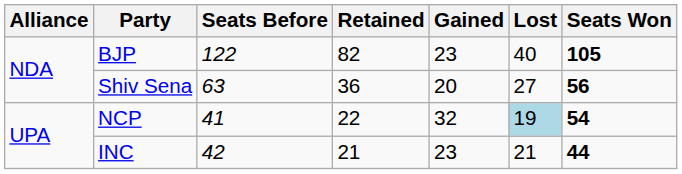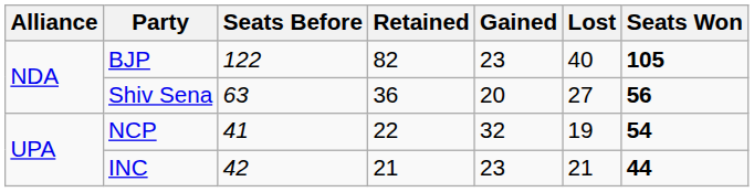 <table class="wikitable">
 <tr>
 <th>Alliance</th>
 <th>Party</th>
 <th>Seats Before</th>
 <th>Retained</th>
 <th>Gained</th>
 <th>Lost</th>
 <th>Seats Won</th>
 </tr>
 <tr>
 <td rowspan="2"><a href='#'>NDA</a></td>
 <td><a href='#'>BJP</a></td>
 <td><em>122</em></td>
 <td>82</td>
 <td> 23</td>
 <td> 40</td>
 <td><strong>105</strong></td>
 </tr>
 <tr>
 <td><a href='#'>Shiv Sena</a></td>
 <td><em>63</em></td>
 <td>36</td>
 <td> 20</td>
 <td> 27</td>
 <td><strong>56</strong></td>
 </tr>
 <tr>
 <td rowspan="2"><a href='#'>UPA</a></td>
 <td><a href='#'>NCP</a></td>
 <td><em>41</em></td>
 <td>22</td>
 <td> 32</td>
-<td style="background: lightblue;"> 19</td>
+<td> 19</td>
 <td><strong>54</strong></td>
 </tr>
 <tr>
 <td><a href='#'>INC</a></td>
 <td><em>42</em></td>
 <td>21</td>
 <td> 23</td>
 <td> 21</td>
 <td><strong>44</strong></td>
 </tr>
 </table>
